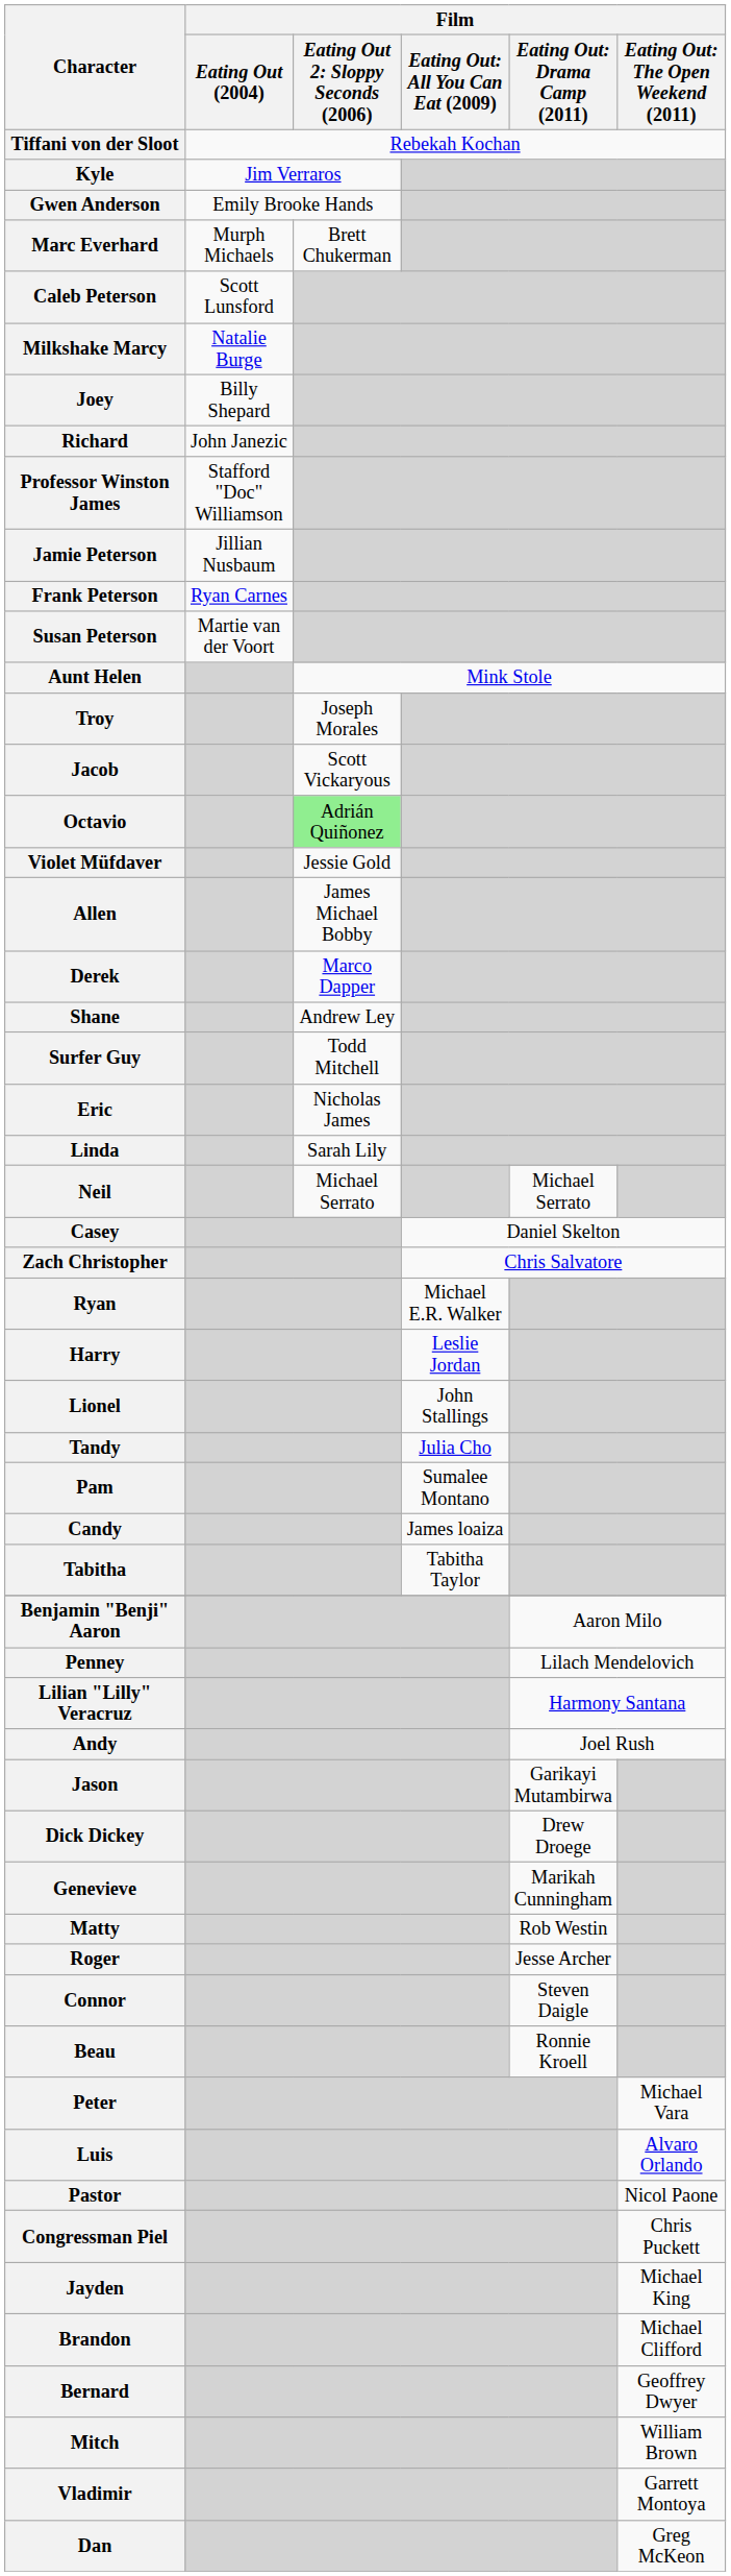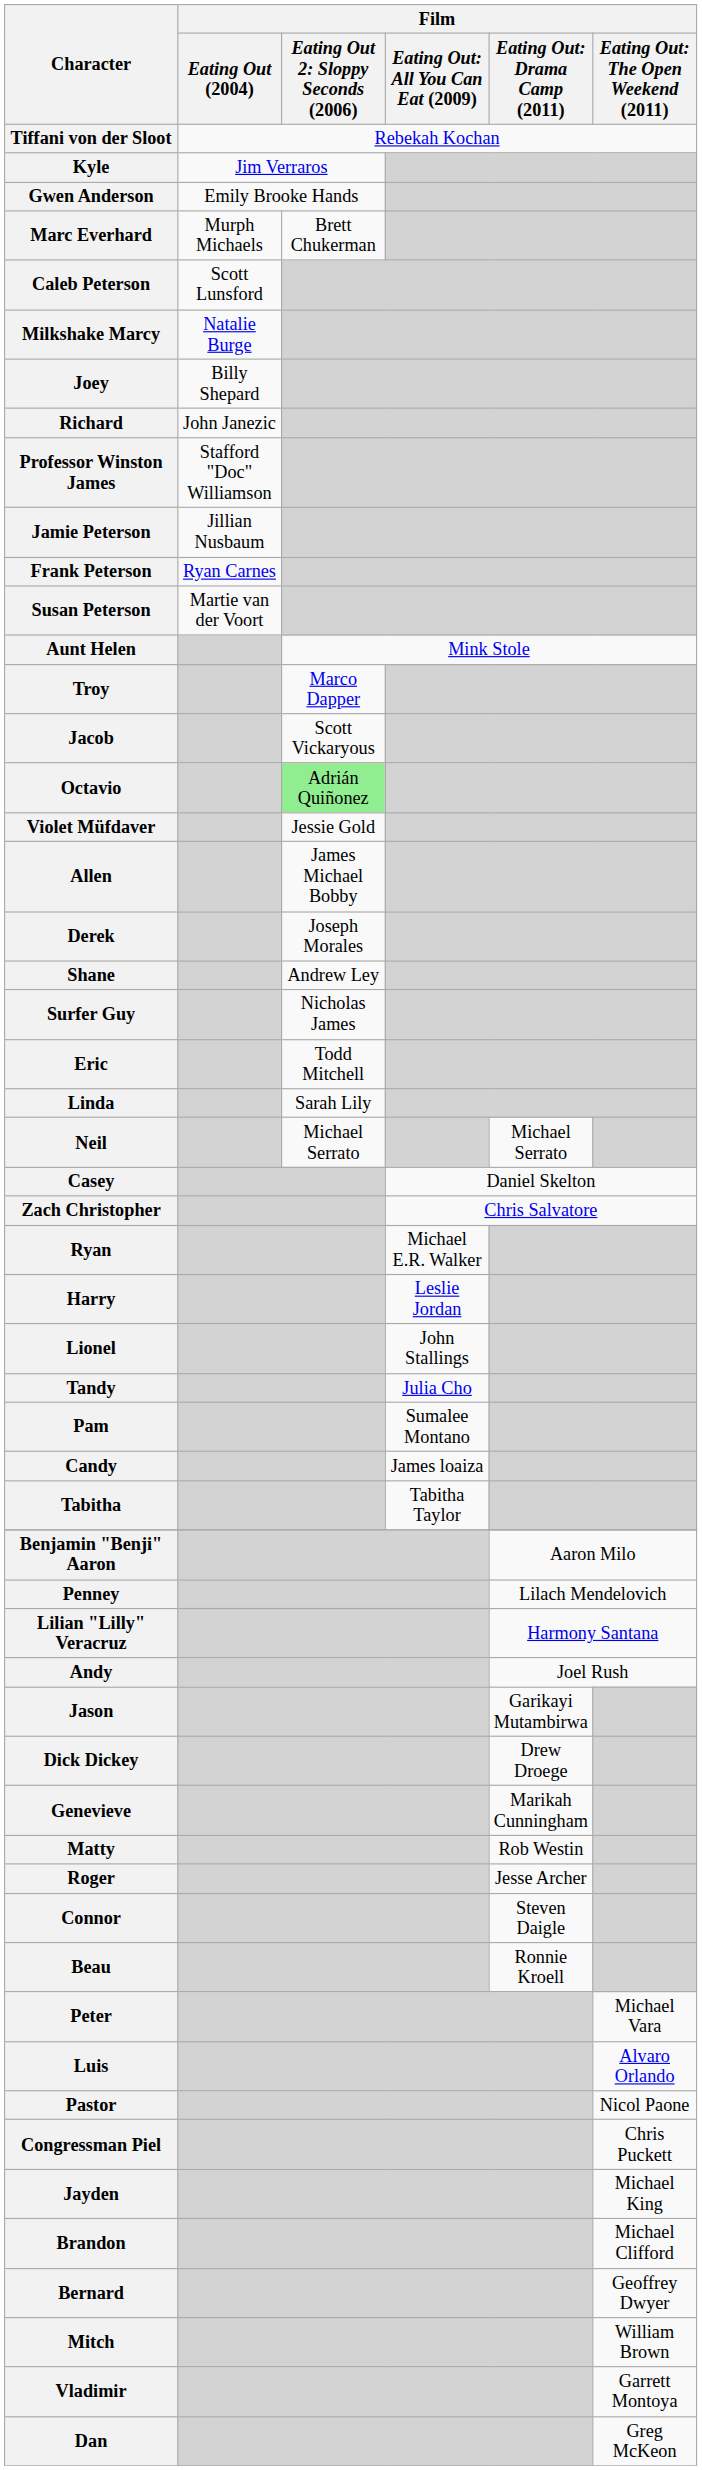 <table class="wikitable" style="text-align:center;">
 <tr>
 <th rowspan="2" style="width:25%;">Character</th>
 <th colspan="5">Film</th>
 </tr>
 <tr>
 <th style="width:15%;"><em>Eating Out</em> (2004)</th>
 <th style="width:15%;"><em>Eating Out 2: Sloppy Seconds</em> (2006)</th>
 <th style="width:15%;"><em>Eating Out: All You Can Eat</em> (2009)</th>
 <th style="width:15%;"><em>Eating Out: Drama Camp</em> (2011)</th>
 <th style="width:15%;"><em>Eating Out: The Open Weekend</em> (2011)</th>
 </tr>
 <tr>
 <th>Tiffani von der Sloot</th>
 <td colspan="5"><a href='#'>Rebekah Kochan</a></td>
 </tr>
 <tr>
 <th>Kyle</th>
 <td colspan="2"><a href='#'>Jim Verraros</a></td>
 <td colspan="3" style="background:lightgrey;"></td>
 </tr>
 <tr>
 <th>Gwen Anderson</th>
 <td colspan="2">Emily Brooke Hands</td>
 <td colspan="3" style="background:lightgrey;"></td>
 </tr>
 <tr>
 <th>Marc Everhard</th>
 <td colspan="1">Murph Michaels</td>
 <td>Brett Chukerman</td>
 <td colspan="3" style="background:lightgrey;"></td>
 </tr>
 <tr>
 <th>Caleb Peterson</th>
 <td colspan="1">Scott Lunsford</td>
 <td colspan="4" style="background:lightgrey;"></td>
 </tr>
 <tr>
 <th>Milkshake Marcy</th>
 <td colspan="1"><a href='#'>Natalie Burge</a></td>
 <td colspan="4" style="background:lightgrey;"></td>
 </tr>
 <tr>
 <th>Joey</th>
 <td colspan="1">Billy Shepard</td>
 <td colspan="4" style="background:lightgrey;"></td>
 </tr>
 <tr>
 <th>Richard</th>
 <td colspan="1">John Janezic</td>
 <td colspan="4" style="background:lightgrey;"></td>
 </tr>
 <tr>
 <th>Professor Winston James</th>
 <td colspan="1">Stafford "Doc" Williamson</td>
 <td colspan="4" style="background:lightgrey;"></td>
 </tr>
 <tr>
 <th>Jamie Peterson</th>
 <td colspan="1">Jillian Nusbaum</td>
 <td colspan="4" style="background:lightgrey;"></td>
 </tr>
 <tr>
 <th>Frank Peterson</th>
 <td><a href='#'>Ryan Carnes</a></td>
 <td colspan="4" style="background:lightgrey;"></td>
 </tr>
 <tr>
 <th>Susan Peterson</th>
 <td colspan="1">Martie van der Voort</td>
 <td colspan="4" style="background:lightgrey;"></td>
 </tr>
 <tr>
 <th>Aunt Helen</th>
 <td style="background:lightgrey;"></td>
 <td colspan="4"><a href='#'>Mink Stole</a></td>
 </tr>
 <tr>
 <th>Troy</th>
 <td style="background:lightgrey;"></td>
-<td colspan="1">Joseph Morales</td>
+<td colspan="1"><a href='#'>Marco Dapper</a></td>
 <td colspan="3" style="background:lightgrey;"></td>
 </tr>
 <tr>
 <th>Jacob</th>
 <td style="background:lightgrey;"></td>
 <td colspan="1">Scott Vickaryous</td>
 <td colspan="3" style="background:lightgrey;"></td>
 </tr>
 <tr>
 <th>Octavio</th>
 <td style="background:lightgrey;"></td>
 <td colspan="1" style="background: lightgreen;">Adrián Quiñonez</td>
 <td colspan="3" style="background:lightgrey;"></td>
 </tr>
 <tr>
 <th>Violet Müfdaver</th>
 <td style="background:lightgrey;"></td>
 <td colspan="1">Jessie Gold</td>
 <td colspan="3" style="background:lightgrey;"></td>
 </tr>
 <tr>
 <th>Allen</th>
 <td style="background:lightgrey;"></td>
 <td colespan="1">James Michael Bobby</td>
 <td colspan="3" style="background:lightgrey;"></td>
 </tr>
 <tr>
 <th>Derek</th>
 <td style="background:lightgrey;"></td>
-<td colspan="1"><a href='#'>Marco Dapper</a></td>
+<td colspan="1">Joseph Morales</td>
 <td colspan="3" style="background:lightgrey;"></td>
 </tr>
 <tr>
 <th>Shane</th>
 <td style="background:lightgrey;"></td>
 <td colspan="1">Andrew Ley</td>
 <td colspan="3" style="background:lightgrey;"></td>
 </tr>
 <tr>
 <th>Surfer Guy</th>
 <td style="background:lightgrey;"></td>
-<td colspan="1">Todd Mitchell</td>
+<td colspan="1">Nicholas James</td>
 <td colspan="3" style="background:lightgrey;"></td>
 </tr>
 <tr>
 <th>Eric</th>
 <td style="background:lightgrey;"></td>
-<td colspan="1">Nicholas James</td>
+<td colspan="1">Todd Mitchell</td>
 <td colspan="3" style="background:lightgrey;"></td>
 </tr>
 <tr>
 <th>Linda</th>
 <td style="background:lightgrey;"></td>
 <td colspan="1">Sarah Lily</td>
 <td colspan="3" style="background:lightgrey;"></td>
 </tr>
 <tr>
 <th>Neil</th>
 <td style="background:lightgrey;"></td>
 <td colspan="1">Michael Serrato</td>
 <td colspan="1" style="background:lightgrey;"></td>
 <td colspan="1">Michael Serrato</td>
 <td colspan="2" style="background:lightgrey;"></td>
 </tr>
 <tr>
 <th>Casey</th>
 <td colspan="2" style="background:lightgrey;"></td>
 <td colspan="3">Daniel Skelton</td>
 </tr>
 <tr>
 <th>Zach Christopher</th>
 <td colspan="2" style="background:lightgrey;"></td>
 <td colspan="3"><a href='#'>Chris Salvatore</a></td>
 </tr>
 <tr>
 <th>Ryan</th>
 <td colspan="2" style="background:lightgrey;"></td>
 <td colspan="1">Michael E.R. Walker</td>
 <td colspan="2" style="background:lightgrey;"></td>
 </tr>
 <tr>
 <th>Harry</th>
 <td colspan="2" style="background:lightgrey;"></td>
 <td colspan="1"><a href='#'>Leslie Jordan</a></td>
 <td colspan="2" style="background:lightgrey;"></td>
 </tr>
 <tr>
 <th>Lionel</th>
 <td colspan="2" style="background:lightgrey;"></td>
 <td colspan="1">John Stallings</td>
 <td colspan="2" style="background:lightgrey;"></td>
 </tr>
 <tr>
 <th>Tandy</th>
 <td colspan="2" style="background:lightgrey;"></td>
 <td colspan="1"><a href='#'>Julia Cho</a></td>
 <td colspan="2" style="background:lightgrey;"></td>
 </tr>
 <tr>
 <th>Pam</th>
 <td colspan="2" style="background:lightgrey;"></td>
 <td colspan="1">Sumalee Montano</td>
 <td colspan="2" style="background:lightgrey;"></td>
 </tr>
 <tr>
 <th>Candy</th>
 <td colspan="2" style="background:lightgrey;"></td>
 <td colspan="1">James loaiza</td>
 <td colspan="2" style="background:lightgrey;"></td>
 </tr>
 <tr>
 <th>Tabitha</th>
 <td colspan="2" style="background:lightgrey;"></td>
 <td colspan="1">Tabitha Taylor</td>
 <td colspan="2" style="background:lightgrey;"></td>
 </tr>
 <tr>
 </tr>
 <tr>
 <th>Benjamin "Benji" Aaron</th>
 <td colspan="3" style="background:lightgrey;"></td>
 <td colspan="2">Aaron Milo</td>
 </tr>
 <tr>
 <th>Penney</th>
 <td colspan="3" style="background:lightgrey;"></td>
 <td colspan="2">Lilach Mendelovich</td>
 </tr>
 <tr>
 <th>Lilian "Lilly" Veracruz</th>
 <td colspan="3" style="background:lightgrey;"></td>
 <td colspan="2"><a href='#'>Harmony Santana</a></td>
 </tr>
 <tr>
 <th>Andy</th>
 <td colspan="3" style="background:lightgrey;"></td>
 <td colspan="2">Joel Rush</td>
 </tr>
 <tr>
 <th>Jason</th>
 <td colspan="3" style="background:lightgrey;"></td>
 <td>Garikayi Mutambirwa</td>
 <td style="background:lightgrey;"></td>
 </tr>
 <tr>
 <th>Dick Dickey</th>
 <td colspan="3" style="background:lightgrey;"></td>
 <td>Drew Droege</td>
 <td style="background:lightgrey;"></td>
 </tr>
 <tr>
 <th>Genevieve</th>
 <td colspan="3" style="background:lightgrey;"></td>
 <td>Marikah Cunningham</td>
 <td style="background:lightgrey;"></td>
 </tr>
 <tr>
 <th>Matty</th>
 <td colspan="3" style="background:lightgrey;"></td>
 <td>Rob Westin</td>
 <td style="background:lightgrey;"></td>
 </tr>
 <tr>
 <th>Roger</th>
 <td colspan="3" style="background:lightgrey;"></td>
 <td>Jesse Archer</td>
 <td style="background:lightgrey;"></td>
 </tr>
 <tr>
 <th>Connor</th>
 <td colspan="3" style="background:lightgrey;"></td>
 <td>Steven Daigle</td>
 <td style="background:lightgrey;"></td>
 </tr>
 <tr>
 <th>Beau</th>
 <td colspan="3" style="background:lightgrey;"></td>
 <td>Ronnie Kroell</td>
 <td style="background:lightgrey;"></td>
 </tr>
 <tr>
 <th>Peter</th>
 <td colspan="4" style="background:lightgrey;"></td>
 <td>Michael Vara</td>
 </tr>
 <tr>
 <th>Luis</th>
 <td colspan="4" style="background:lightgrey;"></td>
 <td><a href='#'>Alvaro Orlando</a></td>
 </tr>
 <tr>
 <th>Pastor</th>
 <td colspan="4" style="background:lightgrey;"></td>
 <td>Nicol Paone</td>
 </tr>
 <tr>
 <th>Congressman Piel</th>
 <td colspan="4" style="background:lightgrey;"></td>
 <td>Chris Puckett</td>
 </tr>
 <tr>
 <th>Jayden</th>
 <td colspan="4" style="background:lightgrey;"></td>
 <td>Michael King</td>
 </tr>
 <tr>
 <th>Brandon</th>
 <td colspan="4" style="background:lightgrey;"></td>
 <td>Michael Clifford</td>
 </tr>
 <tr>
 <th>Bernard</th>
 <td colspan="4" style="background:lightgrey;"></td>
 <td>Geoffrey Dwyer</td>
 </tr>
 <tr>
 <th>Mitch</th>
 <td colspan="4" style="background:lightgrey;"></td>
 <td>William Brown</td>
 </tr>
 <tr>
 <th>Vladimir</th>
 <td colspan="4" style="background:lightgrey;"></td>
 <td>Garrett Montoya</td>
 </tr>
 <tr>
 <th>Dan</th>
 <td colspan="4" style="background:lightgrey;"></td>
 <td>Greg McKeon</td>
 </tr>
 </table>
